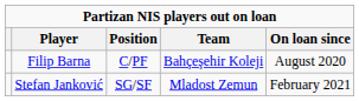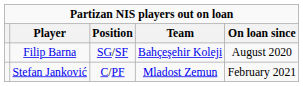 <table class="wikitable sortable" style="font-size: 95%; text-align:center;">
 <tr>
 <td colspan=6><strong>Partizan NIS players out on loan</strong></td>
 </tr>
 <tr>
 <th></th>
 <th>Player</th>
 <th>Position</th>
 <th>Team</th>
 <th>On loan since</th>
 </tr>
 <tr>
 <td></td>
 <td><a href='#'>Filip Barna</a></td>
-<td><a href='#'>C</a>/<a href='#'>PF</a></td>
+<td><a href='#'>SG</a>/<a href='#'>SF</a></td>
 <td> <a href='#'>Bahçeşehir Koleji</a></td>
 <td>August 2020</td>
 </tr>
 <tr>
 <td></td>
 <td><a href='#'>Stefan Janković</a></td>
-<td><a href='#'>SG</a>/<a href='#'>SF</a></td>
+<td><a href='#'>C</a>/<a href='#'>PF</a></td>
 <td> <a href='#'>Mladost Zemun</a></td>
 <td>February 2021</td>
 </tr>
 </table>
